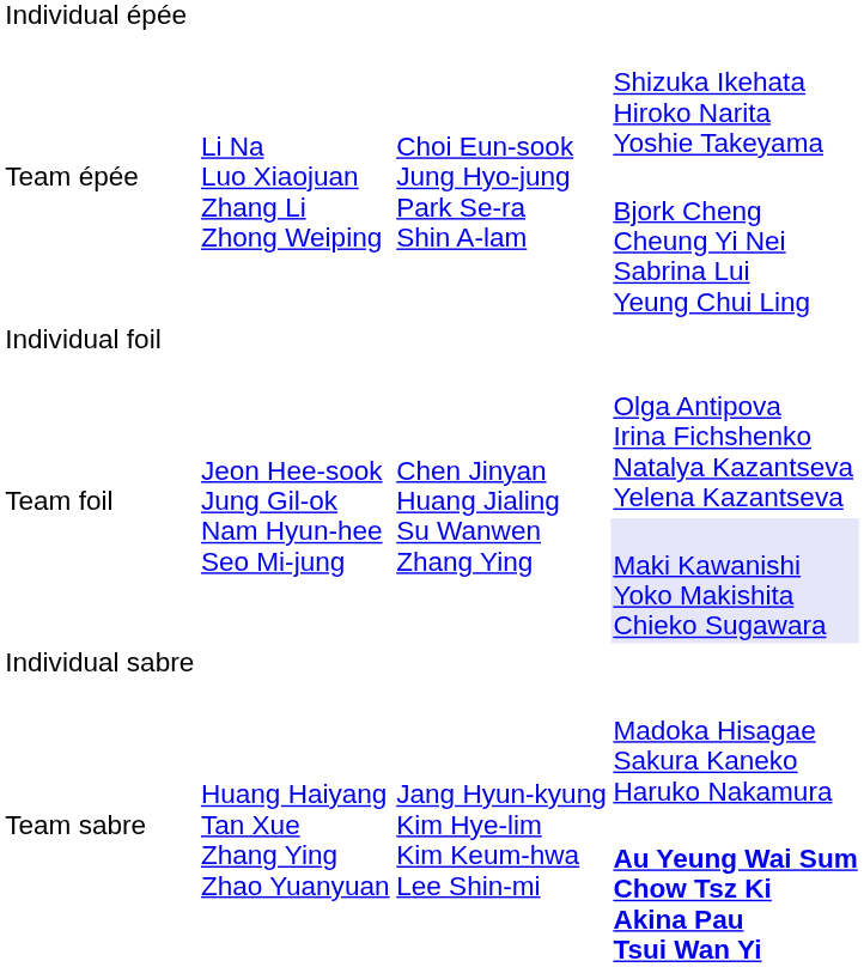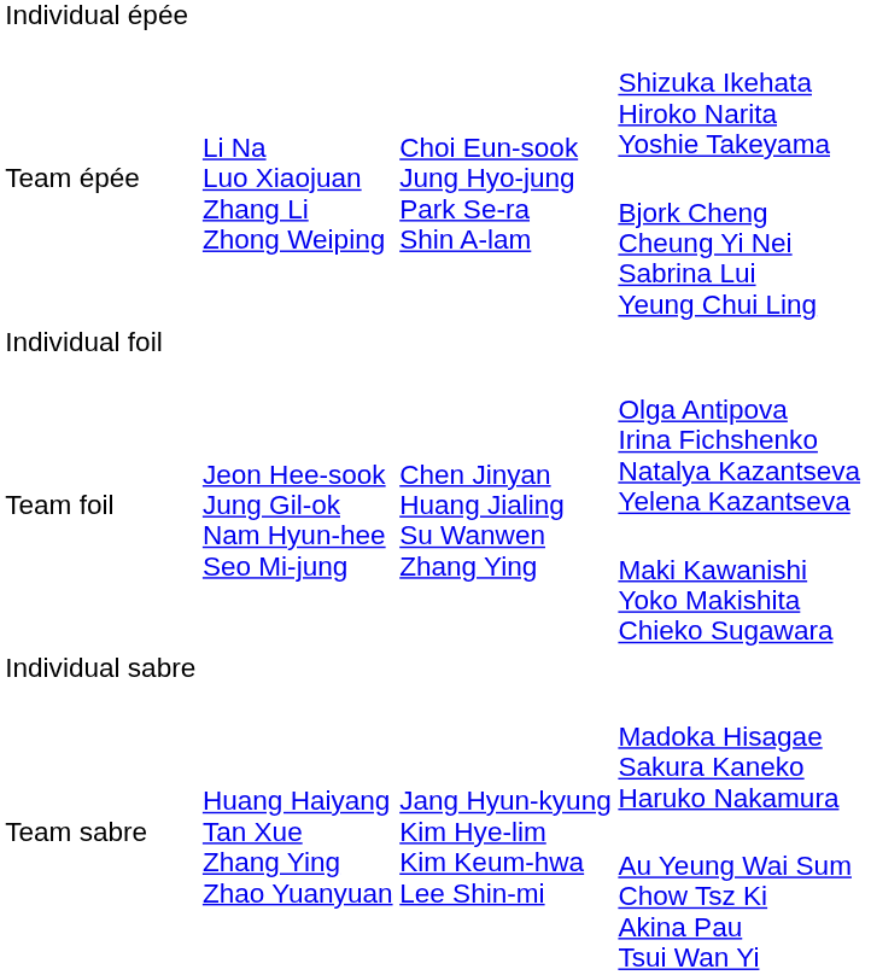 <table>
 <tr>
 <td rowspan=2>Individual épée<br></td>
 <td rowspan=2></td>
 <td rowspan=2></td>
 <td></td>
 </tr>
 <tr>
 <td></td>
 </tr>
 <tr>
 <td rowspan=2>Team épée<br></td>
 <td rowspan=2><br><a href='#'>Li Na</a><br><a href='#'>Luo Xiaojuan</a><br><a href='#'>Zhang Li</a><br><a href='#'>Zhong Weiping</a></td>
 <td rowspan=2><br><a href='#'>Choi Eun-sook</a><br><a href='#'>Jung Hyo-jung</a><br><a href='#'>Park Se-ra</a><br><a href='#'>Shin A-lam</a></td>
 <td><br><a href='#'>Shizuka Ikehata</a><br><a href='#'>Hiroko Narita</a><br><a href='#'>Yoshie Takeyama</a></td>
 </tr>
 <tr>
 <td><br><a href='#'>Bjork Cheng</a><br><a href='#'>Cheung Yi Nei</a><br><a href='#'>Sabrina Lui</a><br><a href='#'>Yeung Chui Ling</a></td>
 </tr>
 <tr>
 <td rowspan=2>Individual foil<br></td>
 <td rowspan=2></td>
 <td rowspan=2></td>
 <td></td>
 </tr>
 <tr>
 <td></td>
 </tr>
 <tr>
 <td rowspan=2>Team foil<br></td>
 <td rowspan=2><br><a href='#'>Jeon Hee-sook</a><br><a href='#'>Jung Gil-ok</a><br><a href='#'>Nam Hyun-hee</a><br><a href='#'>Seo Mi-jung</a></td>
 <td rowspan=2><br><a href='#'>Chen Jinyan</a><br><a href='#'>Huang Jialing</a><br><a href='#'>Su Wanwen</a><br><a href='#'>Zhang Ying</a></td>
 <td><br><a href='#'>Olga Antipova</a><br><a href='#'>Irina Fichshenko</a><br><a href='#'>Natalya Kazantseva</a><br> <a href='#'>Yelena Kazantseva</a></td>
 </tr>
 <tr>
-<td style="background: lavender;"><br><a href='#'>Maki Kawanishi</a><br><a href='#'>Yoko Makishita</a><br><a href='#'>Chieko Sugawara</a></td>
+<td><br><a href='#'>Maki Kawanishi</a><br><a href='#'>Yoko Makishita</a><br><a href='#'>Chieko Sugawara</a></td>
 </tr>
 <tr>
 <td rowspan=2>Individual sabre<br></td>
 <td rowspan=2></td>
 <td rowspan=2></td>
 <td></td>
 </tr>
 <tr>
 <td></td>
 </tr>
 <tr>
 <td rowspan=2>Team sabre<br></td>
 <td rowspan=2><br><a href='#'>Huang Haiyang</a><br><a href='#'>Tan Xue</a><br><a href='#'>Zhang Ying</a><br><a href='#'>Zhao Yuanyuan</a></td>
 <td rowspan=2><br><a href='#'>Jang Hyun-kyung</a><br><a href='#'>Kim Hye-lim</a><br><a href='#'>Kim Keum-hwa</a><br><a href='#'>Lee Shin-mi</a></td>
 <td><br><a href='#'>Madoka Hisagae</a><br><a href='#'>Sakura Kaneko</a><br><a href='#'>Haruko Nakamura</a></td>
 </tr>
 <tr>
-<td><strong><br><a href='#'>Au Yeung Wai Sum</a><br><a href='#'>Chow Tsz Ki</a><br><a href='#'>Akina Pau</a><br><a href='#'>Tsui Wan Yi</a></strong></td>
+<td><br><a href='#'>Au Yeung Wai Sum</a><br><a href='#'>Chow Tsz Ki</a><br><a href='#'>Akina Pau</a><br><a href='#'>Tsui Wan Yi</a></td>
 </tr>
 </table>
